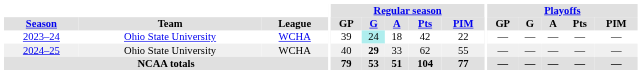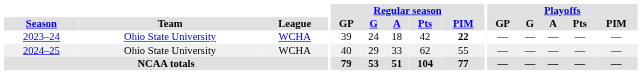 <table border="0" cellpadding="1" cellspacing="0" style="text-align:center; width:60em">
 <tr bgcolor="#e0e0e0">
 <th colspan="3" bgcolor="#ffffff"></th>
 <th rowspan="97" bgcolor="#ffffff"></th>
 <th colspan="5"><a href='#'>Regular season</a></th>
 <th rowspan="97" bgcolor="#ffffff"></th>
 <th colspan="5"><a href='#'>Playoffs</a></th>
 </tr>
 <tr bgcolor="#e0e0e0">
 <th><a href='#'>Season</a></th>
 <th>Team</th>
 <th>League</th>
 <th>GP</th>
 <th><a href='#'>G</a></th>
 <th><a href='#'>A</a></th>
 <th><a href='#'>Pts</a></th>
 <th><a href='#'>PIM</a></th>
 <th>GP</th>
 <th>G</th>
 <th>A</th>
 <th>Pts</th>
 <th>PIM</th>
 </tr>
 <tr>
 <td><a href='#'>2023–24</a></td>
 <td><a href='#'>Ohio State University</a></td>
 <td><a href='#'>WCHA</a></td>
 <td>39</td>
-<td style="background: paleturquoise;">24</td>
+<td>24</td>
 <td>18</td>
 <td>42</td>
-<td>22</td>
+<td><strong>22</strong></td>
 <td>—</td>
 <td>—</td>
 <td>—</td>
 <td>—</td>
 <td>—</td>
 </tr>
 <tr bgcolor="#f0f0f0">
 <td><a href='#'>2024–25</a></td>
 <td>Ohio State University</td>
 <td>WCHA</td>
 <td>40</td>
-<td><strong>29</strong></td>
+<td>29</td>
 <td>33</td>
 <td>62</td>
 <td>55</td>
 <td>—</td>
 <td>—</td>
 <td>—</td>
 <td>—</td>
 <td>—</td>
 </tr>
 <tr bgcolor="#e0e0e0">
 <th colspan="3">NCAA totals</th>
 <th>79</th>
 <th>53</th>
 <th>51</th>
 <th>104</th>
 <th>77</th>
 <th>—</th>
 <th>—</th>
 <th>—</th>
 <th>—</th>
 <th>—</th>
 </tr>
 </table>
